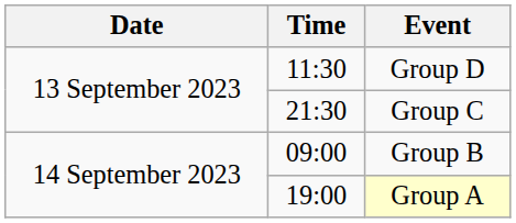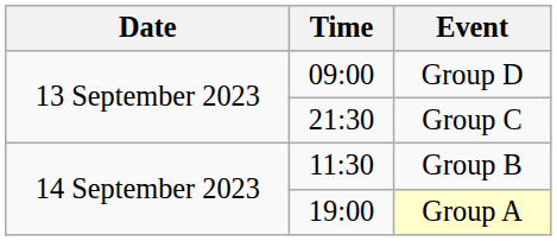 <table class = "wikitable" style="text-align:center;">
 <tr>
 <th width=150>Date</th>
 <th width=50>Time</th>
 <th width=80>Event</th>
 </tr>
 <tr>
 <td rowspan=2>13 September 2023</td>
-<td>11:30</td>
+<td>09:00</td>
 <td>Group D</td>
 </tr>
 <tr>
 <td>21:30</td>
 <td>Group C</td>
 </tr>
 <tr>
 <td rowspan=2>14 September 2023</td>
-<td>09:00</td>
+<td>11:30</td>
 <td>Group B</td>
 </tr>
 <tr>
 <td>19:00</td>
 <td bgcolor=ffffcc>Group A</td>
 </tr>
 </table>
